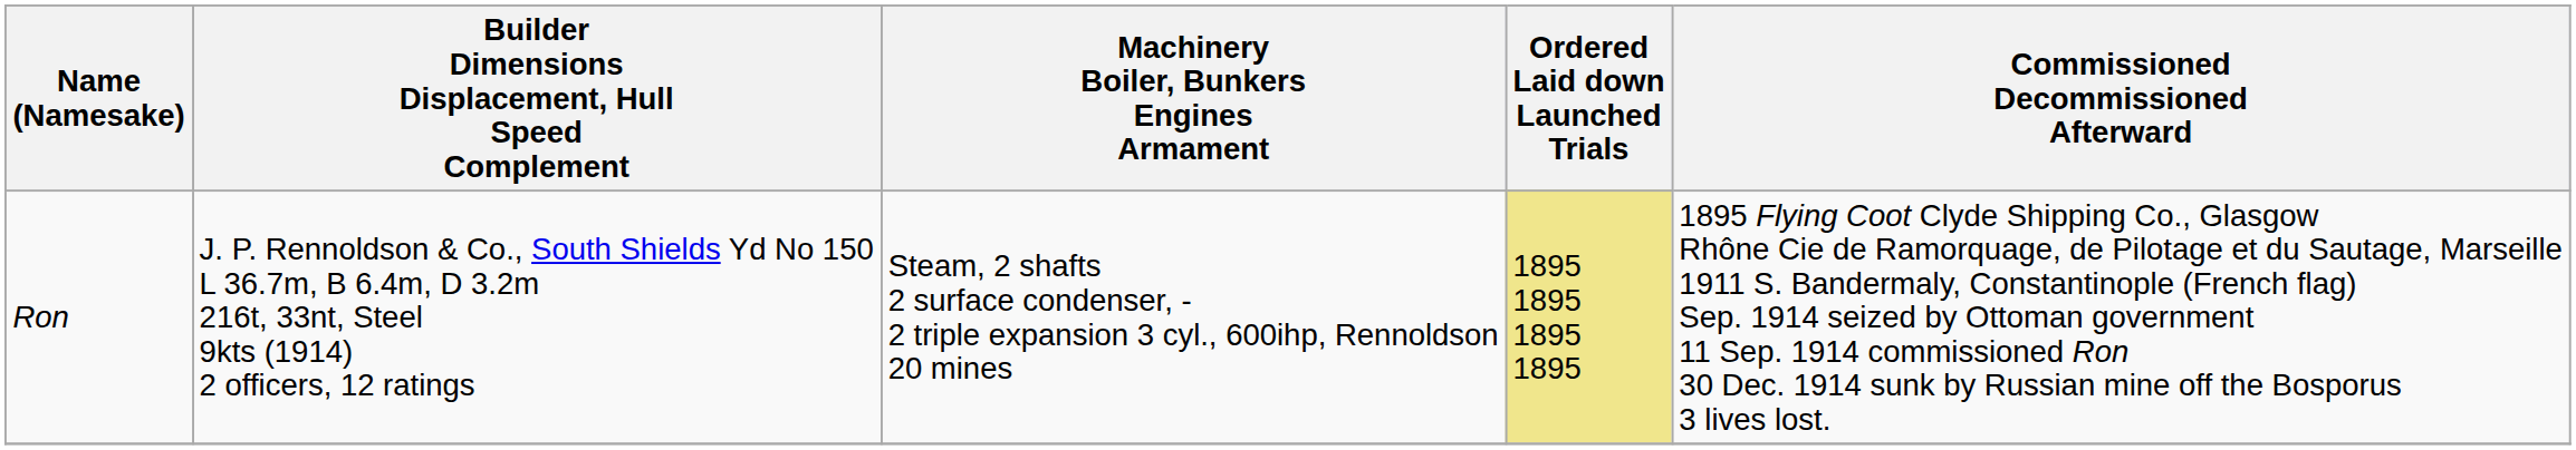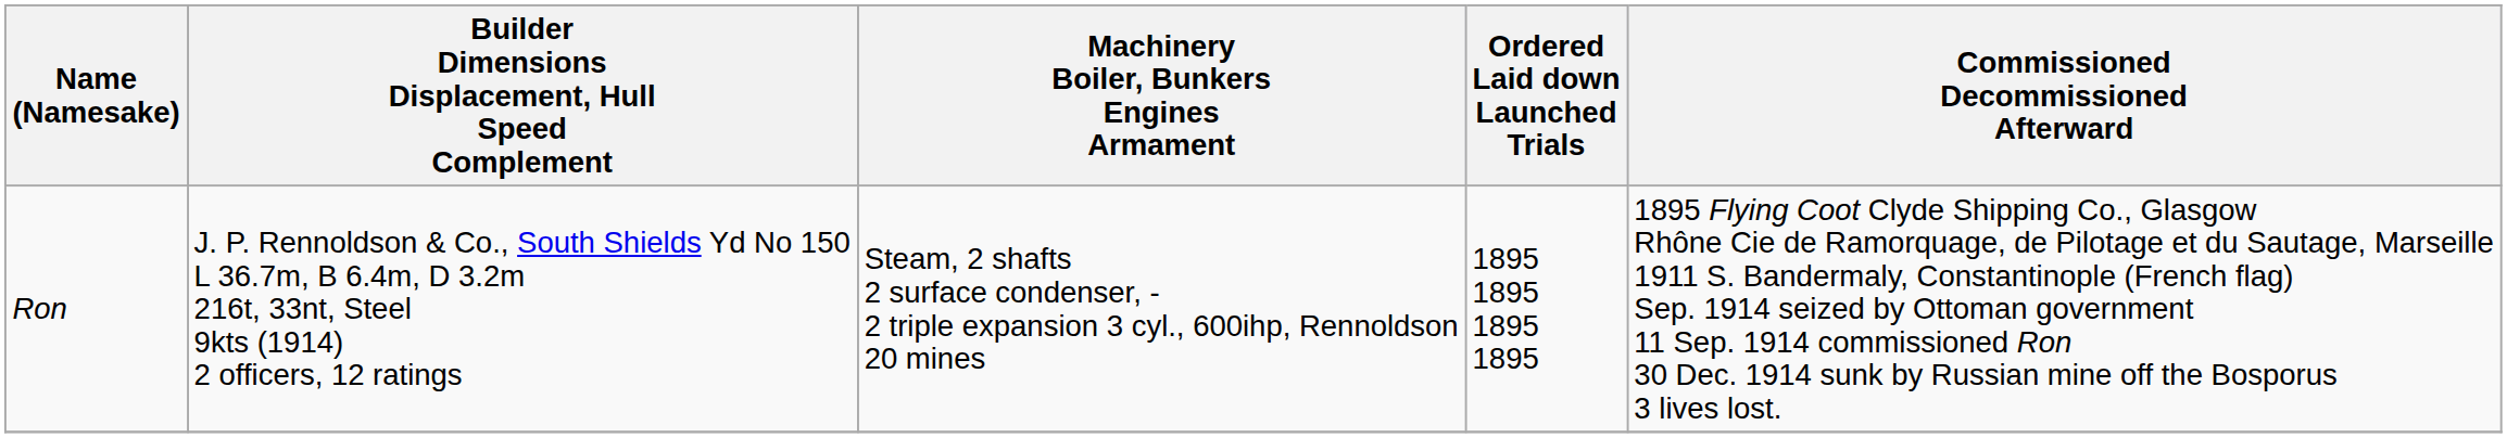 <table class="wikitable" style="font-size:90%;">
 <tr bgcolor="#e6e9ff">
 <th>Name<br>(Namesake)</th>
 <th>Builder<br>Dimensions<br>Displacement, Hull<br>Speed<br>Complement</th>
 <th>Machinery<br>Boiler, Bunkers<br>Engines<br>Armament</th>
 <th>Ordered<br>Laid down<br>Launched<br>Trials</th>
 <th>Commissioned<br>Decommissioned<br>Afterward</th>
 </tr>
 <tr ---->
 <td><em>Ron</em></td>
 <td> J. P. Rennoldson & Co., <a href='#'>South Shields</a> Yd No 150<br>L 36.7m, B 6.4m, D 3.2m<br>216t, 33nt, Steel<br>9kts (1914)<br>2 officers, 12 ratings</td>
 <td>Steam, 2 shafts<br>2 surface condenser, -<br>2 triple expansion 3 cyl., 600ihp, Rennoldson<br>20 mines</td>
-<td style="background: khaki;">1895<br>1895<br>1895<br>1895</td>
+<td>1895<br>1895<br>1895<br>1895</td>
 <td>1895 <em>Flying Coot</em> Clyde Shipping Co., Glasgow<br>Rhône Cie de Ramorquage, de Pilotage et du Sautage, Marseille<br>1911 S. Bandermaly, Constantinople (French flag)<br>Sep. 1914 seized by Ottoman government<br>11 Sep. 1914 commissioned <em>Ron</em><br>30 Dec. 1914 sunk by Russian mine off the Bosporus<br>3 lives lost.</td>
 </tr>
 <tr ---->
 </tr>
 </table>
